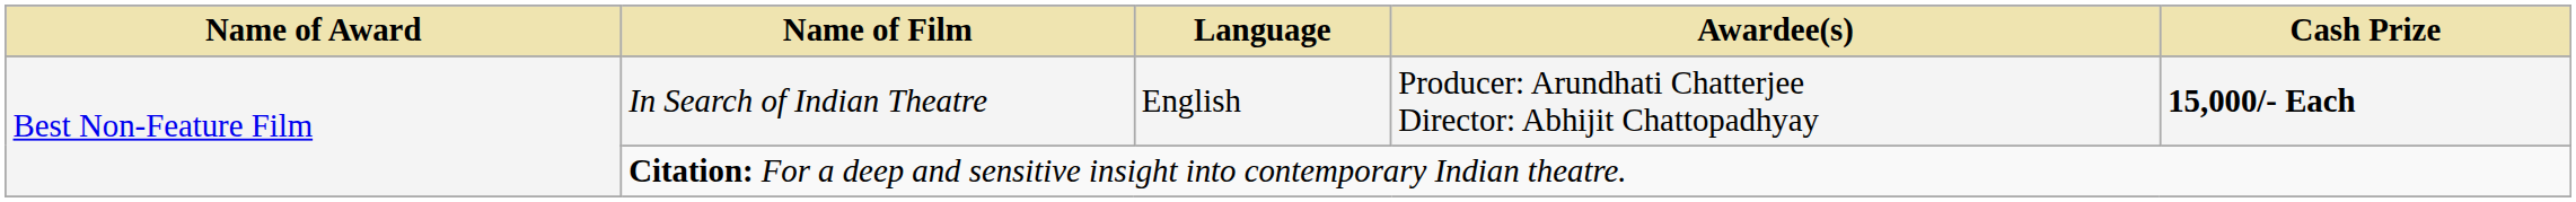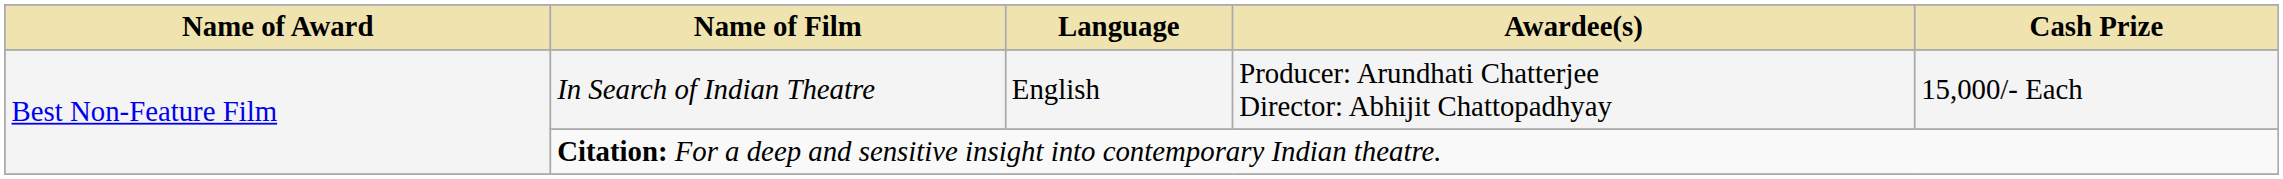 <table class="wikitable" style="width:100%;">
 <tr>
 <th style="background-color:#EFE4B0;width:24%;">Name of Award</th>
 <th style="background-color:#EFE4B0;width:20%;">Name of Film</th>
 <th style="background-color:#EFE4B0;width:10%;">Language</th>
 <th style="background-color:#EFE4B0;width:30%;">Awardee(s)</th>
 <th style="background-color:#EFE4B0;width:16%;">Cash Prize</th>
 </tr>
 <tr style="background-color:#F4F4F4">
 <td rowspan="2"><a href='#'>Best Non-Feature Film</a></td>
 <td><em>In Search of Indian Theatre</em></td>
 <td>English</td>
 <td>Producer: Arundhati Chatterjee<br>Director: Abhijit Chattopadhyay</td>
-<td><strong> 15,000/- Each</strong></td>
+<td> 15,000/- Each</td>
 </tr>
 <tr style="background-color:#F9F9F9">
 <td colspan="4"><strong>Citation:</strong> <em>For a deep and sensitive insight into contemporary Indian theatre.</em></td>
 </tr>
 </table>
